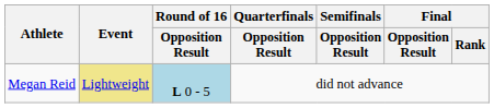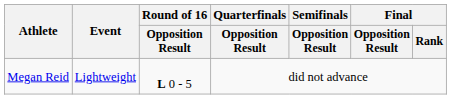 <table class="wikitable" style="font-size:90%; text-align:center">
 <tr>
 <th rowspan=2>Athlete</th>
 <th rowspan=2>Event</th>
 <th>Round of 16</th>
 <th>Quarterfinals</th>
 <th>Semifinals</th>
 <th colspan=2>Final</th>
 </tr>
 <tr style="font-size:95%">
 <th>Opposition<br>Result</th>
 <th>Opposition<br>Result</th>
 <th>Opposition<br>Result</th>
 <th>Opposition<br>Result</th>
 <th>Rank</th>
 </tr>
 <tr>
 <td align=left><a href='#'>Megan Reid</a></td>
-<td align=left style="background: khaki;"><a href='#'>Lightweight</a></td>
-<td style="background: lightblue;"><br><strong>L</strong> 0 - 5</td>
+<td align=left><a href='#'>Lightweight</a></td>
+<td><br><strong>L</strong> 0 - 5</td>
 <td colspan=4>did not advance</td>
 </tr>
 </table>
